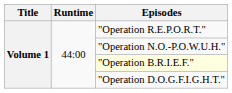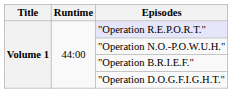 <table class="wikitable">
 <tr>
 <th>Title</th>
 <th>Runtime</th>
 <th colspan="3">Episodes</th>
 </tr>
 <tr>
 <th rowspan="4">Volume 1</th>
 <td rowspan="4" style="text-align: center;">44:00</td>
-<td>"Operation R.E.P.O.R.T."</td>
+<td style="background: lavender;">"Operation R.E.P.O.R.T."</td>
 </tr>
 <tr>
 <td>"Operation N.O.-P.O.W.U.H."</td>
 </tr>
 <tr>
-<td style="background: lightyellow;">"Operation B.R.I.E.F."</td>
+<td>"Operation B.R.I.E.F."</td>
 </tr>
 <tr>
 <td>"Operation D.O.G.F.I.G.H.T."</td>
 </tr>
 </table>
